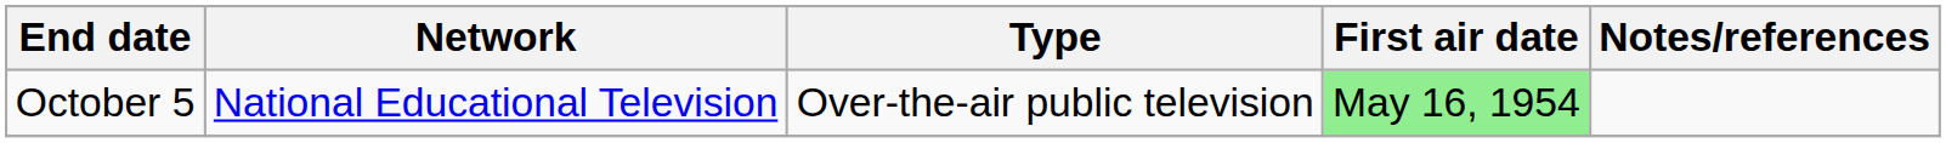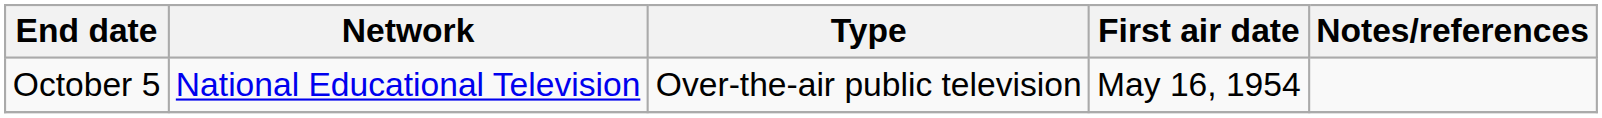 <table class="wikitable sortable">
 <tr>
 <th>End date</th>
 <th>Network</th>
 <th>Type</th>
 <th>First air date</th>
 <th>Notes/references</th>
 </tr>
 <tr>
 <td>October 5</td>
 <td><a href='#'>National Educational Television</a></td>
 <td>Over-the-air public television</td>
-<td style="background: lightgreen;">May 16, 1954</td>
+<td>May 16, 1954</td>
 <td></td>
 </tr>
 <tr>
 </tr>
 </table>
